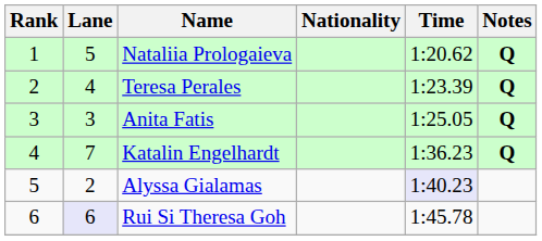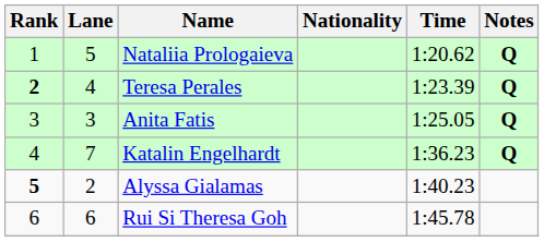 <table class="wikitable">
 <tr>
 <th>Rank</th>
 <th>Lane</th>
 <th>Name</th>
 <th>Nationality</th>
 <th>Time</th>
 <th>Notes</th>
 </tr>
 <tr bgcolor=ccffcc>
 <td align=center>1</td>
 <td align=center>5</td>
 <td><a href='#'>Nataliia Prologaieva</a></td>
 <td></td>
 <td align=center>1:20.62</td>
 <td align=center><strong>Q</strong></td>
 </tr>
 <tr bgcolor=ccffcc>
-<td align=center>2</td>
+<td align=center><strong>2</strong></td>
 <td align=center>4</td>
 <td><a href='#'>Teresa Perales</a></td>
 <td></td>
 <td align=center>1:23.39</td>
 <td align=center><strong>Q</strong></td>
 </tr>
 <tr bgcolor=ccffcc>
 <td align=center>3</td>
 <td align=center>3</td>
 <td><a href='#'>Anita Fatis</a></td>
 <td></td>
 <td align=center>1:25.05</td>
 <td align=center><strong>Q</strong></td>
 </tr>
 <tr bgcolor=ccffcc>
 <td align=center>4</td>
 <td align=center>7</td>
 <td><a href='#'>Katalin Engelhardt</a></td>
 <td></td>
 <td align=center>1:36.23</td>
 <td align=center><strong>Q</strong></td>
 </tr>
 <tr>
-<td align=center>5</td>
+<td align=center><strong>5</strong></td>
 <td align=center>2</td>
 <td><a href='#'>Alyssa Gialamas</a></td>
 <td></td>
-<td align=center style="background: lavender;">1:40.23</td>
+<td align=center>1:40.23</td>
 <td align=center></td>
 </tr>
 <tr>
 <td align=center>6</td>
-<td align=center style="background: lavender;">6</td>
+<td align=center>6</td>
 <td><a href='#'>Rui Si Theresa Goh</a></td>
 <td></td>
 <td align=center>1:45.78</td>
 <td align=center></td>
 </tr>
 <tr>
 </tr>
 </table>
